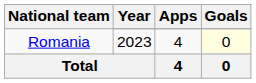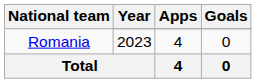 <table class="wikitable" style="text-align: center;">
 <tr>
 <th>National team</th>
 <th>Year</th>
 <th>Apps</th>
 <th>Goals</th>
 </tr>
 <tr>
 <td rowspan="2"><a href='#'>Romania</a></td>
 </tr>
 <tr>
 <td>2023</td>
 <td>4</td>
-<td style="background: lightyellow;">0</td>
+<td>0</td>
 </tr>
 <tr>
 <th colspan=2>Total</th>
 <th>4</th>
 <th>0</th>
 </tr>
 </table>
